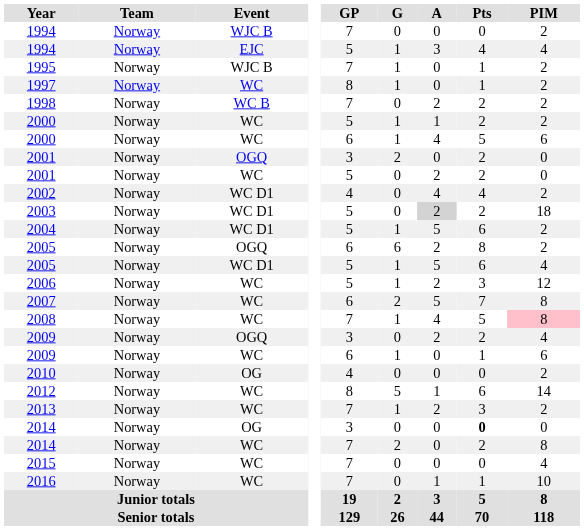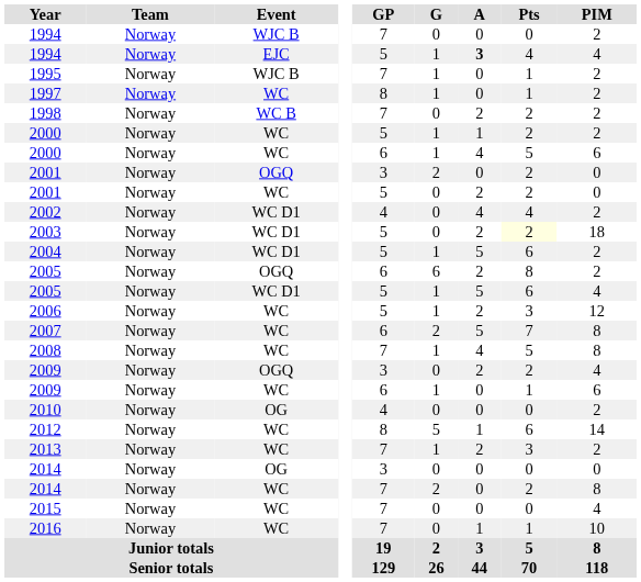 <table border="0" cellpadding="1" cellspacing="0" style="text-align:center; width:40em">
 <tr ALIGN="center" bgcolor="#e0e0e0">
 <th>Year</th>
 <th>Team</th>
 <th>Event</th>
 <th ALIGN="center" rowspan="99" bgcolor="#ffffff"> </th>
 <th>GP</th>
 <th>G</th>
 <th>A</th>
 <th>Pts</th>
 <th>PIM</th>
 </tr>
 <tr>
 <td><a href='#'>1994</a></td>
 <td><a href='#'>Norway</a></td>
 <td><a href='#'>WJC B</a></td>
 <td>7</td>
 <td>0</td>
 <td>0</td>
 <td>0</td>
 <td>2</td>
 </tr>
 <tr bgcolor="#f0f0f0">
 <td><a href='#'>1994</a></td>
 <td><a href='#'>Norway</a></td>
 <td><a href='#'>EJC</a></td>
 <td>5</td>
 <td>1</td>
-<td>3</td>
+<td><strong>3</strong></td>
 <td>4</td>
 <td>4</td>
 </tr>
 <tr>
 <td><a href='#'>1995</a></td>
 <td>Norway</td>
 <td>WJC B</td>
 <td>7</td>
 <td>1</td>
 <td>0</td>
 <td>1</td>
 <td>2</td>
 </tr>
 <tr bgcolor="#f0f0f0">
 <td><a href='#'>1997</a></td>
 <td><a href='#'>Norway</a></td>
 <td><a href='#'>WC</a></td>
 <td>8</td>
 <td>1</td>
 <td>0</td>
 <td>1</td>
 <td>2</td>
 </tr>
 <tr>
 <td><a href='#'>1998</a></td>
 <td>Norway</td>
 <td><a href='#'>WC B</a></td>
 <td>7</td>
 <td>0</td>
 <td>2</td>
 <td>2</td>
 <td>2</td>
 </tr>
 <tr bgcolor="#f0f0f0">
 <td><a href='#'>2000</a></td>
 <td>Norway</td>
 <td>WC</td>
 <td>5</td>
 <td>1</td>
 <td>1</td>
 <td>2</td>
 <td>2</td>
 </tr>
 <tr>
 <td><a href='#'>2000</a></td>
 <td>Norway</td>
 <td>WC</td>
 <td>6</td>
 <td>1</td>
 <td>4</td>
 <td>5</td>
 <td>6</td>
 </tr>
 <tr bgcolor="#f0f0f0">
 <td><a href='#'>2001</a></td>
 <td>Norway</td>
 <td><a href='#'>OGQ</a></td>
 <td>3</td>
 <td>2</td>
 <td>0</td>
 <td>2</td>
 <td>0</td>
 </tr>
 <tr>
 <td><a href='#'>2001</a></td>
 <td>Norway</td>
 <td>WC</td>
 <td>5</td>
 <td>0</td>
 <td>2</td>
 <td>2</td>
 <td>0</td>
 </tr>
 <tr bgcolor="#f0f0f0">
 <td><a href='#'>2002</a></td>
 <td>Norway</td>
 <td>WC D1</td>
 <td>4</td>
 <td>0</td>
 <td>4</td>
 <td>4</td>
 <td>2</td>
 </tr>
 <tr>
 <td><a href='#'>2003</a></td>
 <td>Norway</td>
 <td>WC D1</td>
 <td>5</td>
 <td>0</td>
-<td style="background: lightgrey;">2</td>
 <td>2</td>
+<td style="background: lightyellow;">2</td>
 <td>18</td>
 </tr>
 <tr bgcolor="#f0f0f0">
 <td><a href='#'>2004</a></td>
 <td>Norway</td>
 <td>WC D1</td>
 <td>5</td>
 <td>1</td>
 <td>5</td>
 <td>6</td>
 <td>2</td>
 </tr>
 <tr>
 <td><a href='#'>2005</a></td>
 <td>Norway</td>
 <td>OGQ</td>
 <td>6</td>
 <td>6</td>
 <td>2</td>
 <td>8</td>
 <td>2</td>
 </tr>
 <tr bgcolor="#f0f0f0">
 <td><a href='#'>2005</a></td>
 <td>Norway</td>
 <td>WC D1</td>
 <td>5</td>
 <td>1</td>
 <td>5</td>
 <td>6</td>
 <td>4</td>
 </tr>
 <tr>
 <td><a href='#'>2006</a></td>
 <td>Norway</td>
 <td>WC</td>
 <td>5</td>
 <td>1</td>
 <td>2</td>
 <td>3</td>
 <td>12</td>
 </tr>
 <tr bgcolor="#f0f0f0">
 <td><a href='#'>2007</a></td>
 <td>Norway</td>
 <td>WC</td>
 <td>6</td>
 <td>2</td>
 <td>5</td>
 <td>7</td>
 <td>8</td>
 </tr>
 <tr>
 <td><a href='#'>2008</a></td>
 <td>Norway</td>
 <td>WC</td>
 <td>7</td>
 <td>1</td>
 <td>4</td>
 <td>5</td>
-<td style="background: pink;">8</td>
+<td>8</td>
 </tr>
 <tr bgcolor="#f0f0f0">
 <td><a href='#'>2009</a></td>
 <td>Norway</td>
 <td>OGQ</td>
 <td>3</td>
 <td>0</td>
 <td>2</td>
 <td>2</td>
 <td>4</td>
 </tr>
 <tr>
 <td><a href='#'>2009</a></td>
 <td>Norway</td>
 <td>WC</td>
 <td>6</td>
 <td>1</td>
 <td>0</td>
 <td>1</td>
 <td>6</td>
 </tr>
 <tr bgcolor="#f0f0f0">
 <td><a href='#'>2010</a></td>
 <td>Norway</td>
 <td>OG</td>
 <td>4</td>
 <td>0</td>
 <td>0</td>
 <td>0</td>
 <td>2</td>
 </tr>
 <tr>
 <td><a href='#'>2012</a></td>
 <td>Norway</td>
 <td>WC</td>
 <td>8</td>
 <td>5</td>
 <td>1</td>
 <td>6</td>
 <td>14</td>
 </tr>
 <tr bgcolor="#f0f0f0">
 <td><a href='#'>2013</a></td>
 <td>Norway</td>
 <td>WC</td>
 <td>7</td>
 <td>1</td>
 <td>2</td>
 <td>3</td>
 <td>2</td>
 </tr>
 <tr>
 <td><a href='#'>2014</a></td>
 <td>Norway</td>
 <td>OG</td>
 <td>3</td>
 <td>0</td>
 <td>0</td>
-<td><strong>0</strong></td>
+<td>0</td>
 <td>0</td>
 </tr>
 <tr bgcolor="#f0f0f0">
 <td><a href='#'>2014</a></td>
 <td>Norway</td>
 <td>WC</td>
 <td>7</td>
 <td>2</td>
 <td>0</td>
 <td>2</td>
 <td>8</td>
 </tr>
 <tr>
 <td><a href='#'>2015</a></td>
 <td>Norway</td>
 <td>WC</td>
 <td>7</td>
 <td>0</td>
 <td>0</td>
 <td>0</td>
 <td>4</td>
 </tr>
 <tr bgcolor="#f0f0f0">
 <td><a href='#'>2016</a></td>
 <td>Norway</td>
 <td>WC</td>
 <td>7</td>
 <td>0</td>
 <td>1</td>
 <td>1</td>
 <td>10</td>
 </tr>
 <tr bgcolor="#e0e0e0">
 <th colspan="3">Junior totals</th>
 <th>19</th>
 <th>2</th>
 <th>3</th>
 <th>5</th>
 <th>8</th>
 </tr>
 <tr bgcolor="#e0e0e0">
 <th colspan="3">Senior totals</th>
 <th>129</th>
 <th>26</th>
 <th>44</th>
 <th>70</th>
 <th>118</th>
 </tr>
 </table>
